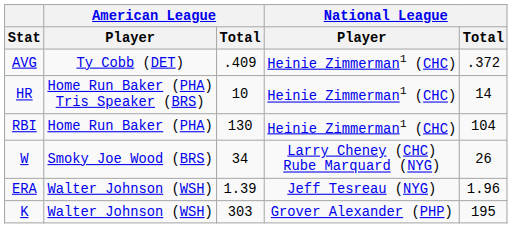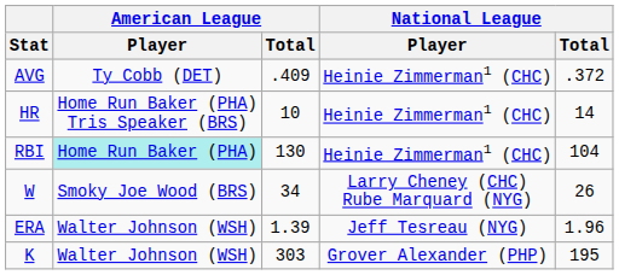 <table class="wikitable" style="text-align:center;">
 <tr>
 <th></th>
 <th colspan=2><a href='#'>American League</a></th>
 <th colspan=2><a href='#'>National League</a></th>
 </tr>
 <tr>
 <th>Stat</th>
 <th>Player</th>
 <th>Total</th>
 <th>Player</th>
 <th>Total</th>
 </tr>
 <tr>
 <td><a href='#'>AVG</a></td>
 <td><a href='#'>Ty Cobb</a> (<a href='#'>DET</a>)</td>
 <td>.409</td>
 <td><a href='#'>Heinie Zimmerman</a><sup>1</sup> (<a href='#'>CHC</a>)</td>
 <td>.372</td>
 </tr>
 <tr>
 <td><a href='#'>HR</a></td>
 <td><a href='#'>Home Run Baker</a> (<a href='#'>PHA</a>)<br><a href='#'>Tris Speaker</a> (<a href='#'>BRS</a>)</td>
 <td>10</td>
 <td><a href='#'>Heinie Zimmerman</a><sup>1</sup> (<a href='#'>CHC</a>)</td>
 <td>14</td>
 </tr>
 <tr>
 <td><a href='#'>RBI</a></td>
-<td><a href='#'>Home Run Baker</a> (<a href='#'>PHA</a>)</td>
+<td style="background: paleturquoise;"><a href='#'>Home Run Baker</a> (<a href='#'>PHA</a>)</td>
 <td>130</td>
 <td><a href='#'>Heinie Zimmerman</a><sup>1</sup> (<a href='#'>CHC</a>)</td>
 <td>104</td>
 </tr>
 <tr>
 <td><a href='#'>W</a></td>
 <td><a href='#'>Smoky Joe Wood</a> (<a href='#'>BRS</a>)</td>
 <td>34</td>
 <td><a href='#'>Larry Cheney</a> (<a href='#'>CHC</a>)<br><a href='#'>Rube Marquard</a> (<a href='#'>NYG</a>)</td>
 <td>26</td>
 </tr>
 <tr>
 <td><a href='#'>ERA</a></td>
 <td><a href='#'>Walter Johnson</a> (<a href='#'>WSH</a>)</td>
 <td>1.39</td>
 <td><a href='#'>Jeff Tesreau</a> (<a href='#'>NYG</a>)</td>
 <td>1.96</td>
 </tr>
 <tr>
 <td><a href='#'>K</a></td>
 <td><a href='#'>Walter Johnson</a> (<a href='#'>WSH</a>)</td>
 <td>303</td>
 <td><a href='#'>Grover Alexander</a> (<a href='#'>PHP</a>)</td>
 <td>195</td>
 </tr>
 </table>
